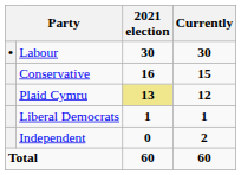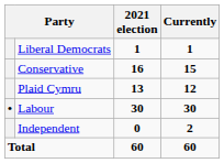 <table class="wikitable">
 <tr>
 <th colspan=2>Party</th>
 <th>2021<br>election</th>
 <th>Currently</th>
 </tr>
 <tr>
-<th style="background-color: "><span>•</span></th>
-<td><a href='#'>Labour</a></td>
-<td align="center"><strong>30</strong></td>
-<td align="center"><strong>30</strong></td>
+<th style="color:inherit;background-color: "></th>
+<td><a href='#'>Liberal Democrats</a></td>
+<td align="center"><strong>1</strong></td>
+<td align="center"><strong>1</strong></td>
 </tr>
 <tr>
 <th style="color:inherit;background-color: "></th>
 <td><a href='#'>Conservative</a></td>
 <td align="center"><strong>16</strong></td>
 <td align="center"><strong>15</strong></td>
 </tr>
 <tr>
 <th style="color:inherit;background-color: "></th>
 <td><a href='#'>Plaid Cymru</a></td>
-<td align="center" style="background: khaki;"><strong>13</strong></td>
+<td align="center"><strong>13</strong></td>
 <td align="center"><strong>12</strong></td>
 </tr>
 <tr>
-<th style="color:inherit;background-color: "></th>
-<td><a href='#'>Liberal Democrats</a></td>
-<td align="center"><strong>1</strong></td>
-<td align="center"><strong>1</strong></td>
+<th style="background-color: "><span>•</span></th>
+<td><a href='#'>Labour</a></td>
+<td align="center"><strong>30</strong></td>
+<td align="center"><strong>30</strong></td>
 </tr>
 <tr>
 <th style="color:inherit;background-color: "></th>
 <td><a href='#'>Independent</a></td>
 <td align="center"><strong>0</strong></td>
 <td align="center"><strong>2</strong></td>
 </tr>
 <tr>
 <td colspan="2"><strong>Total</strong></td>
 <td align="center"><strong>60</strong></td>
 <td align="center"><strong>60</strong></td>
 </tr>
 </table>
